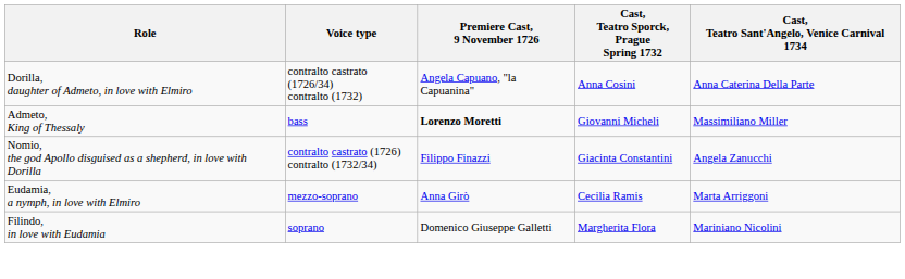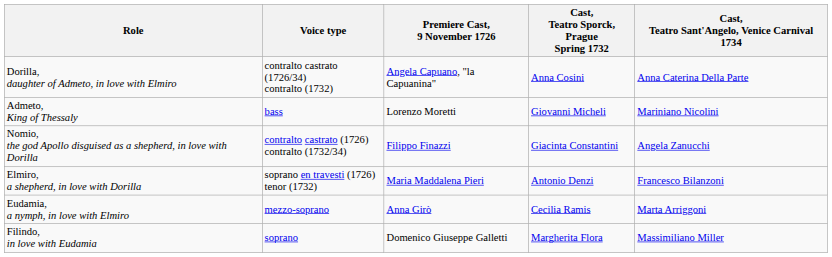 <table class="wikitable">
 <tr>
 <th>Role</th>
 <th>Voice type</th>
 <th>Premiere Cast,<br> 9 November 1726<br></th>
 <th>Cast,<br>Teatro Sporck, Prague<br>Spring 1732</th>
 <th>Cast,<br>Teatro Sant'Angelo, Venice Carnival 1734</th>
 </tr>
 <tr>
 <td>Dorilla,<br><em>daughter of Admeto, in love with Elmiro</em></td>
 <td>contralto castrato (1726/34)<br>contralto (1732)</td>
 <td><a href='#'>Angela Capuano</a>, "la Capuanina"</td>
 <td><a href='#'>Anna Cosini</a></td>
 <td><a href='#'>Anna Caterina Della Parte</a></td>
 </tr>
 <tr>
 <td>Admeto,<br><em>King of Thessaly</em></td>
 <td><a href='#'>bass</a></td>
-<td><strong>Lorenzo Moretti</strong></td>
+<td>Lorenzo Moretti</td>
 <td><a href='#'>Giovanni Micheli</a></td>
-<td><a href='#'>Massimiliano Miller</a></td>
+<td><a href='#'>Mariniano Nicolini</a></td>
 </tr>
 <tr>
 <td>Nomio,<br><em>the god Apollo disguised as a shepherd, in love with Dorilla</em></td>
 <td><a href='#'>contralto</a> <a href='#'>castrato</a> (1726)<br>contralto (1732/34)</td>
 <td><a href='#'>Filippo Finazzi</a></td>
 <td><a href='#'>Giacinta Constantini</a></td>
 <td><a href='#'>Angela Zanucchi</a></td>
+</tr>
+<tr>
+<td>Elmiro,<br><em>a shepherd, in love with Dorilla</em></td>
+<td>soprano <a href='#'>en travesti</a> (1726)<br>tenor (1732)</td>
+<td><a href='#'>Maria Maddalena Pieri</a></td>
+<td><a href='#'>Antonio Denzi</a></td>
+<td><a href='#'>Francesco Bilanzoni</a></td>
 </tr>
 <tr>
 <td>Eudamia,<br><em>a nymph, in love with Elmiro</em></td>
 <td><a href='#'>mezzo-soprano</a></td>
 <td><a href='#'>Anna Girò</a></td>
 <td><a href='#'>Cecilia Ramis</a></td>
 <td><a href='#'>Marta Arriggoni</a></td>
 </tr>
 <tr>
 <td>Filindo,<br><em>in love with Eudamia</em></td>
 <td><a href='#'>soprano</a></td>
 <td>Domenico Giuseppe Galletti</td>
 <td><a href='#'>Margherita Flora</a></td>
-<td><a href='#'>Mariniano Nicolini</a></td>
+<td><a href='#'>Massimiliano Miller</a></td>
 </tr>
 </table>
